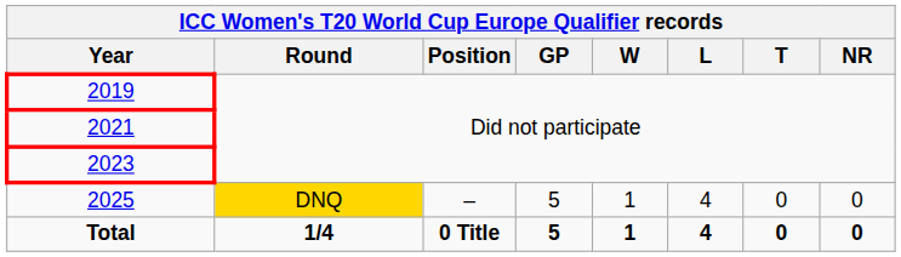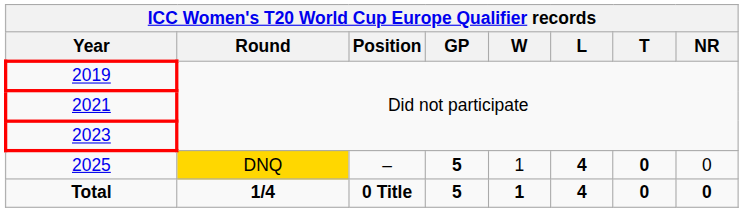 <table class="wikitable" style="text-align: center; width=900px;">
 <tr>
 <th colspan=9><a href='#'>ICC Women's T20 World Cup Europe Qualifier</a> records</th>
 </tr>
 <tr>
 <th width=150>Year</th>
 <th width=150>Round</th>
 <th width=50>Position</th>
 <th width=50>GP</th>
 <th width=50>W</th>
 <th width=50>L</th>
 <th width=50>T</th>
 <th width=50>NR</th>
 </tr>
 <tr>
 <td style="border: 3px solid red"> <a href='#'>2019</a></td>
 <td colspan=8 rowspan=3>Did not participate</td>
 </tr>
 <tr>
 <td style="border: 3px solid red"> <a href='#'>2021</a></td>
 </tr>
 <tr>
 <td style="border: 3px solid red">  <a href='#'>2023</a></td>
 </tr>
 <tr>
 <td> <a href='#'>2025</a></td>
 <td style="background: gold;">DNQ</td>
 <td>–</td>
-<td>5</td>
+<td><strong>5</strong></td>
 <td>1</td>
-<td>4</td>
-<td>0</td>
+<td><strong>4</strong></td>
+<td><strong>0</strong></td>
 <td>0</td>
 </tr>
 <tr>
 <td><strong>Total</strong></td>
 <td><strong>1/4</strong></td>
 <td><strong>0 Title</strong></td>
 <td><strong>5</strong></td>
 <td><strong>1</strong></td>
 <td><strong>4</strong></td>
 <td><strong>0</strong></td>
 <td><strong>0</strong></td>
 </tr>
 </table>
